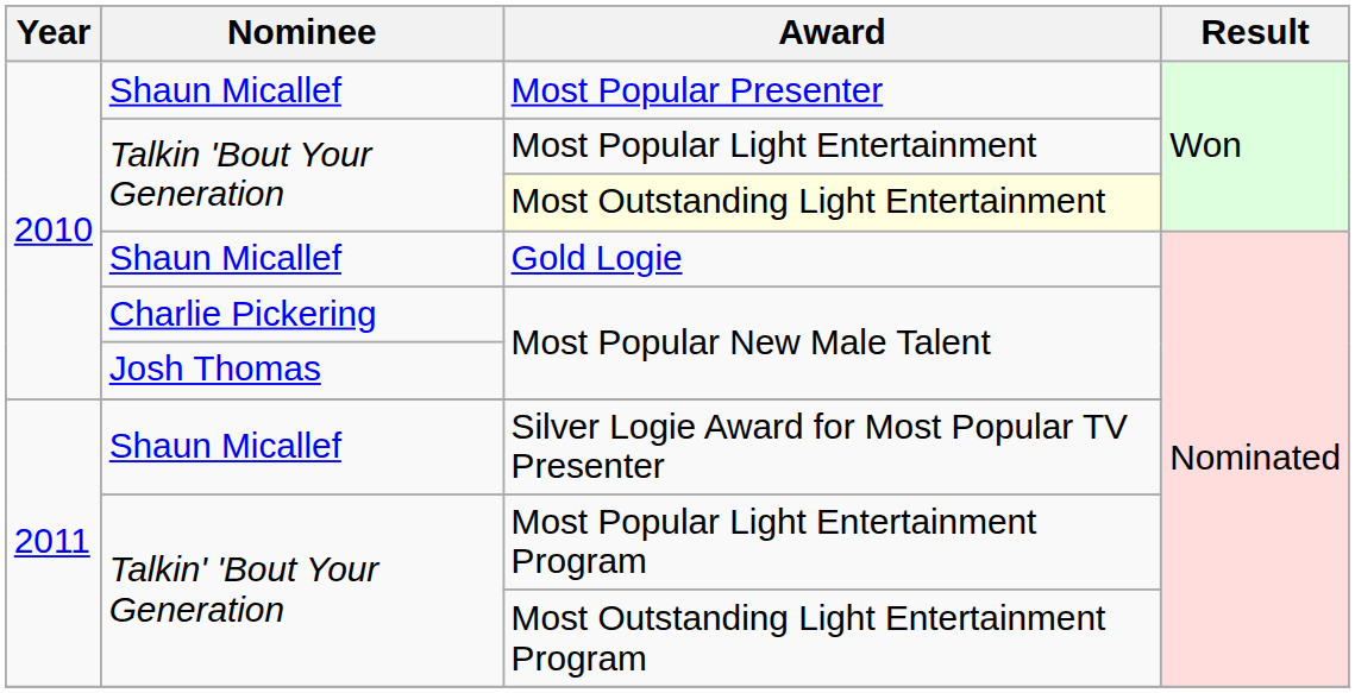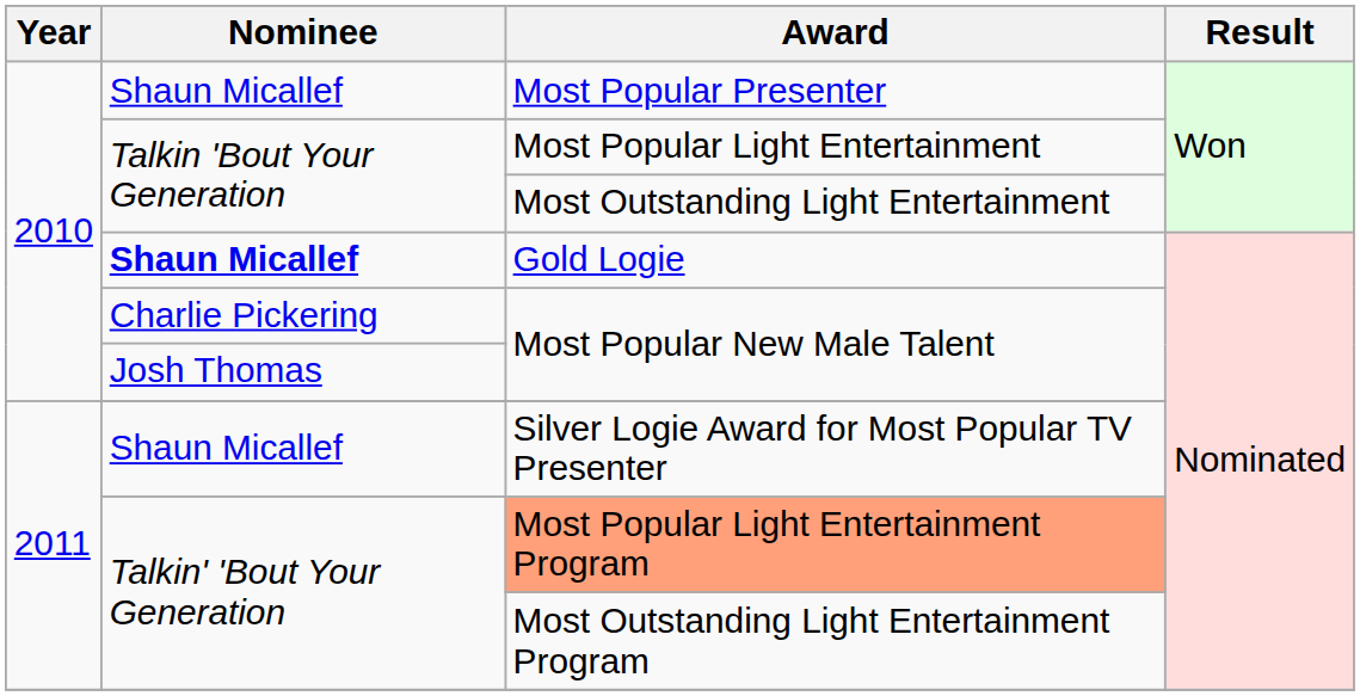 <table class="wikitable">
 <tr>
 <th>Year</th>
 <th>Nominee</th>
 <th>Award</th>
 <th>Result</th>
 </tr>
 <tr>
 <td rowspan="6"><a href='#'>2010</a></td>
 <td><a href='#'>Shaun Micallef</a></td>
 <td><a href='#'>Most Popular Presenter</a></td>
 <td style="background:#dfd;" rowspan="3">Won</td>
 </tr>
 <tr>
 <td rowspan="2"><em>Talkin 'Bout Your Generation</em></td>
 <td>Most Popular Light Entertainment</td>
 </tr>
 <tr>
-<td style="background: lightyellow;">Most Outstanding Light Entertainment</td>
+<td>Most Outstanding Light Entertainment</td>
 </tr>
 <tr>
-<td><a href='#'>Shaun Micallef</a></td>
+<td><strong><a href='#'>Shaun Micallef</a></strong></td>
 <td><a href='#'>Gold Logie</a></td>
 <td style="background:#fdd;" rowspan="7">Nominated</td>
 </tr>
 <tr>
 <td><a href='#'>Charlie Pickering</a></td>
 <td rowspan="2">Most Popular New Male Talent</td>
 </tr>
 <tr>
 <td><a href='#'>Josh Thomas</a></td>
 </tr>
 <tr>
 <td rowspan="4"><a href='#'>2011</a></td>
 </tr>
 <tr>
 <td><a href='#'>Shaun Micallef</a></td>
 <td>Silver Logie Award for Most Popular TV Presenter</td>
 </tr>
 <tr>
 <td rowspan="2"><em>Talkin' 'Bout Your Generation</em></td>
-<td>Most Popular Light Entertainment Program</td>
+<td style="background: lightsalmon;">Most Popular Light Entertainment Program</td>
 </tr>
 <tr>
 <td>Most Outstanding Light Entertainment Program</td>
 </tr>
 <tr>
 </tr>
 </table>
